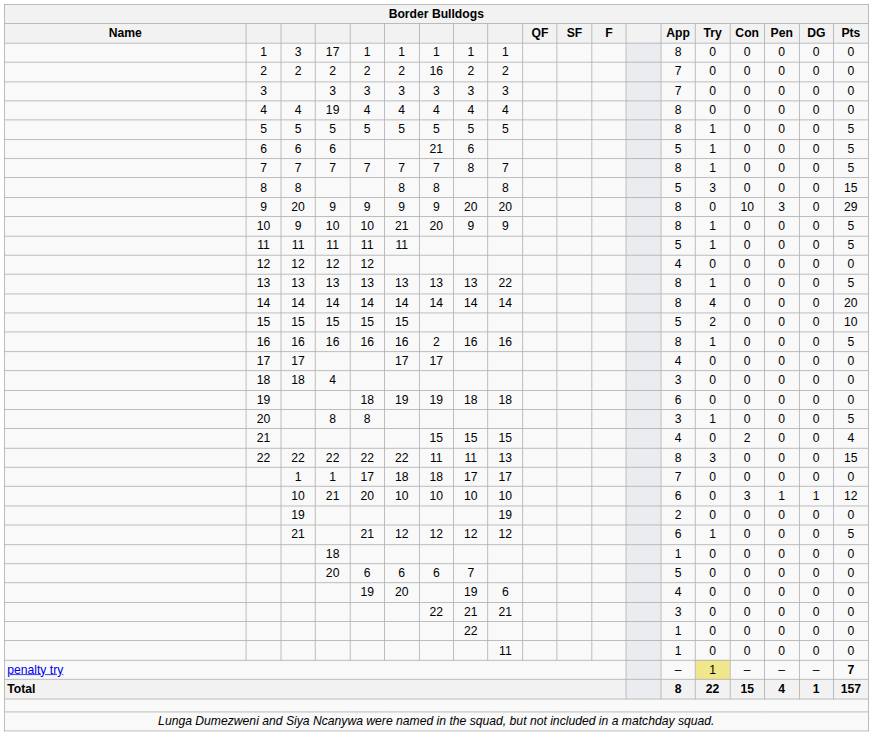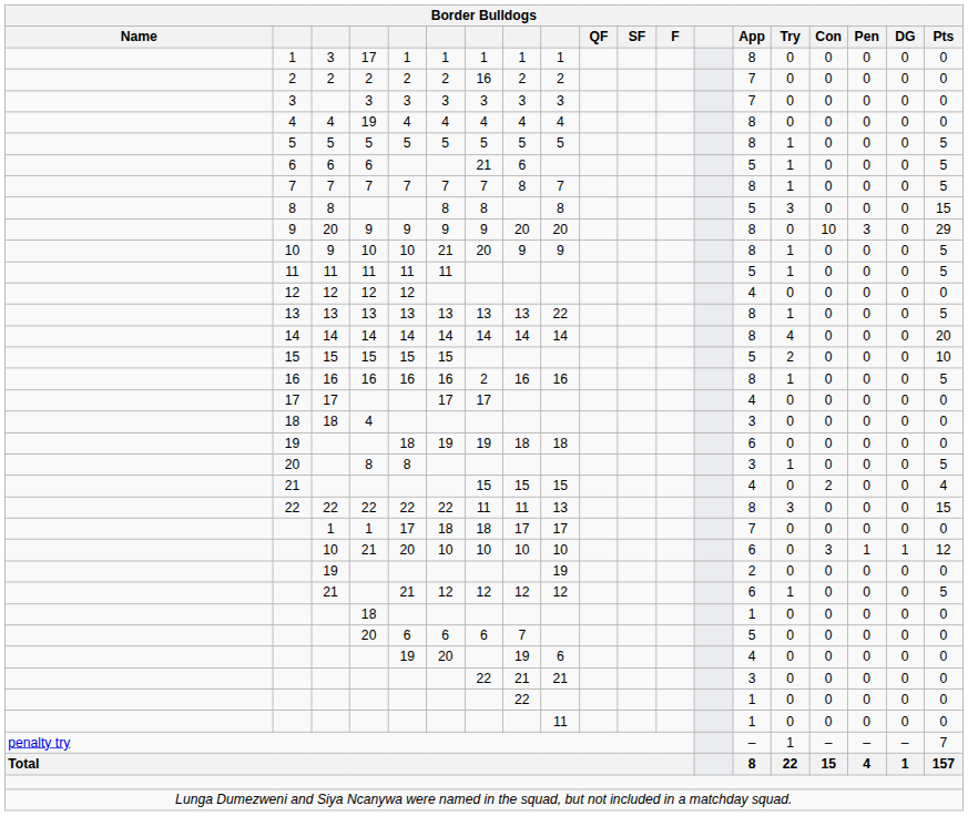 <table class="wikitable collapsible collapsed" style="text-align:center; font-size:100%; width:90%">
 <tr>
 <th colspan="100%">Border Bulldogs</th>
 </tr>
 <tr>
 <th style="width:28%;">Name</th>
 <th style="width:4%;"></th>
 <th style="width:4%;"></th>
 <th style="width:4%;"></th>
 <th style="width:4%;"></th>
 <th style="width:4%;"></th>
 <th style="width:4%;"></th>
 <th style="width:4%;"></th>
 <th style="width:4%;"></th>
 <th style="width:4%;">QF</th>
 <th style="width:4%;">SF</th>
 <th style="width:4%;">F</th>
 <th style="width:4%;"></th>
 <th style="width:4%;">App</th>
 <th style="width:4%;">Try</th>
 <th style="width:4%;">Con</th>
 <th style="width:4%;">Pen</th>
 <th style="width:4%;">DG</th>
 <th style="width:4%;">Pts</th>
 </tr>
 <tr>
 <td style="text-align:left;"></td>
 <td>1</td>
 <td>3</td>
 <td>17 </td>
 <td>1</td>
 <td>1</td>
 <td>1</td>
 <td>1</td>
 <td>1</td>
 <td></td>
 <td></td>
 <td></td>
 <td style="background:#EBECF0;"></td>
 <td>8</td>
 <td>0</td>
 <td>0</td>
 <td>0</td>
 <td>0</td>
 <td>0</td>
 </tr>
 <tr>
 <td style="text-align:left;"></td>
 <td>2</td>
 <td>2</td>
 <td>2</td>
 <td>2</td>
 <td>2</td>
 <td>16</td>
 <td>2</td>
 <td>2</td>
 <td></td>
 <td></td>
 <td></td>
 <td style="background:#EBECF0;"></td>
 <td>7</td>
 <td>0</td>
 <td>0</td>
 <td>0</td>
 <td>0</td>
 <td>0</td>
 </tr>
 <tr>
 <td style="text-align:left;"></td>
 <td>3</td>
 <td></td>
 <td>3</td>
 <td>3</td>
 <td>3</td>
 <td>3</td>
 <td>3</td>
 <td>3</td>
 <td></td>
 <td></td>
 <td></td>
 <td style="background:#EBECF0;"></td>
 <td>7</td>
 <td>0</td>
 <td>0</td>
 <td>0</td>
 <td>0</td>
 <td>0</td>
 </tr>
 <tr>
 <td style="text-align:left;"></td>
 <td>4</td>
 <td>4</td>
 <td>19 </td>
 <td>4</td>
 <td>4</td>
 <td>4</td>
 <td>4</td>
 <td>4</td>
 <td></td>
 <td></td>
 <td></td>
 <td style="background:#EBECF0;"></td>
 <td>8</td>
 <td>0</td>
 <td>0</td>
 <td>0</td>
 <td>0</td>
 <td>0</td>
 </tr>
 <tr>
 <td style="text-align:left;"></td>
 <td>5</td>
 <td>5</td>
 <td>5</td>
 <td>5</td>
 <td>5</td>
 <td>5</td>
 <td>5</td>
 <td>5</td>
 <td></td>
 <td></td>
 <td></td>
 <td style="background:#EBECF0;"></td>
 <td>8</td>
 <td>1</td>
 <td>0</td>
 <td>0</td>
 <td>0</td>
 <td>5</td>
 </tr>
 <tr>
 <td style="text-align:left;"></td>
 <td>6</td>
 <td>6</td>
 <td>6</td>
 <td></td>
 <td></td>
 <td>21 </td>
 <td>6</td>
 <td></td>
 <td></td>
 <td></td>
 <td></td>
 <td style="background:#EBECF0;"></td>
 <td>5</td>
 <td>1</td>
 <td>0</td>
 <td>0</td>
 <td>0</td>
 <td>5</td>
 </tr>
 <tr>
 <td style="text-align:left;"></td>
 <td>7</td>
 <td>7</td>
 <td>7</td>
 <td>7</td>
 <td>7</td>
 <td>7</td>
 <td>8</td>
 <td>7</td>
 <td></td>
 <td></td>
 <td></td>
 <td style="background:#EBECF0;"></td>
 <td>8</td>
 <td>1</td>
 <td>0</td>
 <td>0</td>
 <td>0</td>
 <td>5</td>
 </tr>
 <tr>
 <td style="text-align:left;"></td>
 <td>8</td>
 <td>8</td>
 <td></td>
 <td></td>
 <td>8</td>
 <td>8</td>
 <td></td>
 <td>8</td>
 <td></td>
 <td></td>
 <td></td>
 <td style="background:#EBECF0;"></td>
 <td>5</td>
 <td>3</td>
 <td>0</td>
 <td>0</td>
 <td>0</td>
 <td>15</td>
 </tr>
 <tr>
 <td style="text-align:left;"></td>
 <td>9</td>
 <td>20 </td>
 <td>9</td>
 <td>9</td>
 <td>9</td>
 <td>9</td>
 <td>20 </td>
 <td>20 </td>
 <td></td>
 <td></td>
 <td></td>
 <td style="background:#EBECF0;"></td>
 <td>8</td>
 <td>0</td>
 <td>10</td>
 <td>3</td>
 <td>0</td>
 <td>29</td>
 </tr>
 <tr>
 <td style="text-align:left;"></td>
 <td>10</td>
 <td>9</td>
 <td>10</td>
 <td>10</td>
 <td>21 </td>
 <td>20 </td>
 <td>9</td>
 <td>9</td>
 <td></td>
 <td></td>
 <td></td>
 <td style="background:#EBECF0;"></td>
 <td>8</td>
 <td>1</td>
 <td>0</td>
 <td>0</td>
 <td>0</td>
 <td>5</td>
 </tr>
 <tr>
 <td style="text-align:left;"></td>
 <td>11</td>
 <td>11</td>
 <td>11</td>
 <td>11</td>
 <td>11</td>
 <td></td>
 <td></td>
 <td></td>
 <td></td>
 <td></td>
 <td></td>
 <td style="background:#EBECF0;"></td>
 <td>5</td>
 <td>1</td>
 <td>0</td>
 <td>0</td>
 <td>0</td>
 <td>5</td>
 </tr>
 <tr>
 <td style="text-align:left;"></td>
 <td>12</td>
 <td>12</td>
 <td>12</td>
 <td>12</td>
 <td></td>
 <td></td>
 <td></td>
 <td></td>
 <td></td>
 <td></td>
 <td></td>
 <td style="background:#EBECF0;"></td>
 <td>4</td>
 <td>0</td>
 <td>0</td>
 <td>0</td>
 <td>0</td>
 <td>0</td>
 </tr>
 <tr>
 <td style="text-align:left;"></td>
 <td>13</td>
 <td>13</td>
 <td>13</td>
 <td>13</td>
 <td>13</td>
 <td>13</td>
 <td>13</td>
 <td>22 </td>
 <td></td>
 <td></td>
 <td></td>
 <td style="background:#EBECF0;"></td>
 <td>8</td>
 <td>1</td>
 <td>0</td>
 <td>0</td>
 <td>0</td>
 <td>5</td>
 </tr>
 <tr>
 <td style="text-align:left;"></td>
 <td>14</td>
 <td>14</td>
 <td>14</td>
 <td>14</td>
 <td>14</td>
 <td>14</td>
 <td>14</td>
 <td>14</td>
 <td></td>
 <td></td>
 <td></td>
 <td style="background:#EBECF0;"></td>
 <td>8</td>
 <td>4</td>
 <td>0</td>
 <td>0</td>
 <td>0</td>
 <td>20</td>
 </tr>
 <tr>
 <td style="text-align:left;"></td>
 <td>15</td>
 <td>15</td>
 <td>15</td>
 <td>15</td>
 <td>15</td>
 <td></td>
 <td></td>
 <td></td>
 <td></td>
 <td></td>
 <td></td>
 <td style="background:#EBECF0;"></td>
 <td>5</td>
 <td>2</td>
 <td>0</td>
 <td>0</td>
 <td>0</td>
 <td>10</td>
 </tr>
 <tr>
 <td style="text-align:left;"></td>
 <td>16 </td>
 <td>16 </td>
 <td>16 </td>
 <td>16 </td>
 <td>16 </td>
 <td>2</td>
 <td>16 </td>
 <td>16 </td>
 <td></td>
 <td></td>
 <td></td>
 <td style="background:#EBECF0;"></td>
 <td>8</td>
 <td>1</td>
 <td>0</td>
 <td>0</td>
 <td>0</td>
 <td>5</td>
 </tr>
 <tr>
 <td style="text-align:left;"></td>
 <td>17 </td>
 <td>17 </td>
 <td></td>
 <td></td>
 <td>17 </td>
 <td>17 </td>
 <td></td>
 <td></td>
 <td></td>
 <td></td>
 <td></td>
 <td style="background:#EBECF0;"></td>
 <td>4</td>
 <td>0</td>
 <td>0</td>
 <td>0</td>
 <td>0</td>
 <td>0</td>
 </tr>
 <tr>
 <td style="text-align:left;"></td>
 <td>18 </td>
 <td>18 </td>
 <td>4</td>
 <td></td>
 <td></td>
 <td></td>
 <td></td>
 <td></td>
 <td></td>
 <td></td>
 <td></td>
 <td style="background:#EBECF0;"></td>
 <td>3</td>
 <td>0</td>
 <td>0</td>
 <td>0</td>
 <td>0</td>
 <td>0</td>
 </tr>
 <tr>
 <td style="text-align:left;"></td>
 <td>19 </td>
 <td></td>
 <td></td>
 <td>18 </td>
 <td>19 </td>
 <td>19 </td>
 <td>18 </td>
 <td>18 </td>
 <td></td>
 <td></td>
 <td></td>
 <td style="background:#EBECF0;"></td>
 <td>6</td>
 <td>0</td>
 <td>0</td>
 <td>0</td>
 <td>0</td>
 <td>0</td>
 </tr>
 <tr>
 <td style="text-align:left;"></td>
 <td>20 </td>
 <td></td>
 <td>8</td>
 <td>8</td>
 <td></td>
 <td></td>
 <td></td>
 <td></td>
 <td></td>
 <td></td>
 <td></td>
 <td style="background:#EBECF0;"></td>
 <td>3</td>
 <td>1</td>
 <td>0</td>
 <td>0</td>
 <td>0</td>
 <td>5</td>
 </tr>
 <tr>
 <td style="text-align:left;"></td>
 <td>21 </td>
 <td></td>
 <td></td>
 <td></td>
 <td></td>
 <td>15</td>
 <td>15</td>
 <td>15</td>
 <td></td>
 <td></td>
 <td></td>
 <td style="background:#EBECF0;"></td>
 <td>4</td>
 <td>0</td>
 <td>2</td>
 <td>0</td>
 <td>0</td>
 <td>4</td>
 </tr>
 <tr>
 <td style="text-align:left;"></td>
 <td>22 </td>
 <td>22 </td>
 <td>22 </td>
 <td>22 </td>
 <td>22 </td>
 <td>11</td>
 <td>11</td>
 <td>13</td>
 <td></td>
 <td></td>
 <td></td>
 <td style="background:#EBECF0;"></td>
 <td>8</td>
 <td>3</td>
 <td>0</td>
 <td>0</td>
 <td>0</td>
 <td>15</td>
 </tr>
 <tr>
 <td style="text-align:left;"></td>
 <td></td>
 <td>1</td>
 <td>1</td>
 <td>17 </td>
 <td>18 </td>
 <td>18 </td>
 <td>17 </td>
 <td>17 </td>
 <td></td>
 <td></td>
 <td></td>
 <td style="background:#EBECF0;"></td>
 <td>7</td>
 <td>0</td>
 <td>0</td>
 <td>0</td>
 <td>0</td>
 <td>0</td>
 </tr>
 <tr>
 <td style="text-align:left;"></td>
 <td></td>
 <td>10</td>
 <td>21 </td>
 <td>20</td>
 <td>10</td>
 <td>10</td>
 <td>10</td>
 <td>10</td>
 <td></td>
 <td></td>
 <td></td>
 <td style="background:#EBECF0;"></td>
 <td>6</td>
 <td>0</td>
 <td>3</td>
 <td>1</td>
 <td>1</td>
 <td>12</td>
 </tr>
 <tr>
 <td style="text-align:left;"></td>
 <td></td>
 <td>19 </td>
 <td></td>
 <td></td>
 <td></td>
 <td></td>
 <td></td>
 <td>19 </td>
 <td></td>
 <td></td>
 <td></td>
 <td style="background:#EBECF0;"></td>
 <td>2</td>
 <td>0</td>
 <td>0</td>
 <td>0</td>
 <td>0</td>
 <td>0</td>
 </tr>
 <tr>
 <td style="text-align:left;"></td>
 <td></td>
 <td>21 </td>
 <td></td>
 <td>21 </td>
 <td>12</td>
 <td>12</td>
 <td>12</td>
 <td>12</td>
 <td></td>
 <td></td>
 <td></td>
 <td style="background:#EBECF0;"></td>
 <td>6</td>
 <td>1</td>
 <td>0</td>
 <td>0</td>
 <td>0</td>
 <td>5</td>
 </tr>
 <tr>
 <td style="text-align:left;"></td>
 <td></td>
 <td></td>
 <td>18 </td>
 <td></td>
 <td></td>
 <td></td>
 <td></td>
 <td></td>
 <td></td>
 <td></td>
 <td></td>
 <td style="background:#EBECF0;"></td>
 <td>1</td>
 <td>0</td>
 <td>0</td>
 <td>0</td>
 <td>0</td>
 <td>0</td>
 </tr>
 <tr>
 <td style="text-align:left;"></td>
 <td></td>
 <td></td>
 <td>20 </td>
 <td>6</td>
 <td>6</td>
 <td>6</td>
 <td>7</td>
 <td></td>
 <td></td>
 <td></td>
 <td></td>
 <td style="background:#EBECF0;"></td>
 <td>5</td>
 <td>0</td>
 <td>0</td>
 <td>0</td>
 <td>0</td>
 <td>0</td>
 </tr>
 <tr>
 <td style="text-align:left;"></td>
 <td></td>
 <td></td>
 <td></td>
 <td>19 </td>
 <td>20 </td>
 <td></td>
 <td>19 </td>
 <td>6</td>
 <td></td>
 <td></td>
 <td></td>
 <td style="background:#EBECF0;"></td>
 <td>4</td>
 <td>0</td>
 <td>0</td>
 <td>0</td>
 <td>0</td>
 <td>0</td>
 </tr>
 <tr>
 <td style="text-align:left;"></td>
 <td></td>
 <td></td>
 <td></td>
 <td></td>
 <td></td>
 <td>22 </td>
 <td>21 </td>
 <td>21 </td>
 <td></td>
 <td></td>
 <td></td>
 <td style="background:#EBECF0;"></td>
 <td>3</td>
 <td>0</td>
 <td>0</td>
 <td>0</td>
 <td>0</td>
 <td>0</td>
 </tr>
 <tr>
 <td style="text-align:left;"></td>
 <td></td>
 <td></td>
 <td></td>
 <td></td>
 <td></td>
 <td></td>
 <td>22 </td>
 <td></td>
 <td></td>
 <td></td>
 <td></td>
 <td style="background:#EBECF0;"></td>
 <td>1</td>
 <td>0</td>
 <td>0</td>
 <td>0</td>
 <td>0</td>
 <td>0</td>
 </tr>
 <tr>
 <td style="text-align:left;"></td>
 <td></td>
 <td></td>
 <td></td>
 <td></td>
 <td></td>
 <td></td>
 <td></td>
 <td>11</td>
 <td></td>
 <td></td>
 <td></td>
 <td style="background:#EBECF0;"></td>
 <td>1</td>
 <td>0</td>
 <td>0</td>
 <td>0</td>
 <td>0</td>
 <td>0</td>
 </tr>
 <tr>
 <td colspan="12" style="text-align:left;"><a href='#'>penalty try</a></td>
 <td style="background:#EBECF0;"></td>
 <td>–</td>
-<td style="background: khaki;">1</td>
+<td>1</td>
 <td>–</td>
 <td>–</td>
 <td>–</td>
-<td><strong>7</strong></td>
+<td>7</td>
 </tr>
 <tr>
 <th colspan="12" style="text-align:left;">Total</th>
 <th style="background:#EBECF0;"></th>
 <th>8</th>
 <th>22</th>
 <th>15</th>
 <th>4</th>
 <th>1</th>
 <th>157</th>
 </tr>
 <tr class="sortbottom">
 <td colspan="100%" style="height: 10px;"></td>
 </tr>
 <tr class="sortbottom">
 <td colspan="100%" style="text-align:center;"><em>Lunga Dumezweni and Siya Ncanywa were named in the squad, but not included in a matchday squad.</em></td>
 </tr>
 </table>
